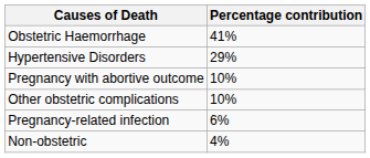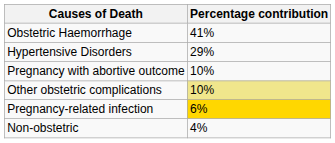 <table class="wikitable">
 <tr>
 <th>Causes of Death</th>
 <th><strong>Percentage contribution</strong></th>
 </tr>
 <tr>
 <td>Obstetric Haemorrhage</td>
 <td>41%</td>
 </tr>
 <tr>
 <td>Hypertensive Disorders</td>
 <td>29%</td>
 </tr>
 <tr>
 <td>Pregnancy with abortive outcome</td>
 <td>10%</td>
 </tr>
 <tr>
 <td>Other obstetric complications</td>
-<td>10%</td>
+<td style="background: khaki;">10%</td>
 </tr>
 <tr>
 <td>Pregnancy-related infection</td>
-<td>6%</td>
+<td style="background: gold;">6%</td>
 </tr>
 <tr>
 <td>Non-obstetric</td>
 <td>4%</td>
 </tr>
 </table>
